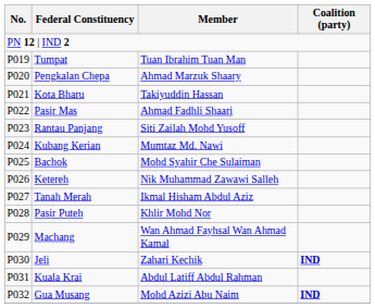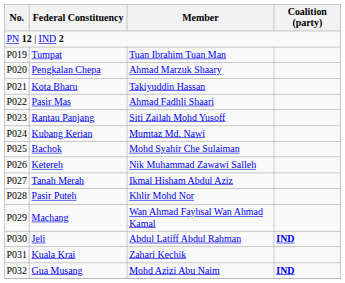 <table class="wikitable sortable">
 <tr>
 <th style="width:30px;">No.</th>
 <th style="width:150px;">Federal Constituency</th>
 <th style="width:230px;">Member</th>
 <th style="width:100px;">Coalition (party)</th>
 </tr>
 <tr>
 <td colspan="4"><a href='#'>PN</a> <strong>12</strong> | <a href='#'>IND</a> <strong>2</strong></td>
 </tr>
 <tr>
 <td>P019</td>
 <td><a href='#'>Tumpat</a></td>
 <td><a href='#'>Tuan Ibrahim Tuan Man</a></td>
 <td></td>
 </tr>
 <tr>
 <td>P020</td>
 <td><a href='#'>Pengkalan Chepa</a></td>
 <td><a href='#'>Ahmad Marzuk Shaary</a></td>
 <td></td>
 </tr>
 <tr>
 <td>P021</td>
 <td><a href='#'>Kota Bharu</a></td>
 <td><a href='#'>Takiyuddin Hassan</a></td>
 <td></td>
 </tr>
 <tr>
 <td>P022</td>
 <td><a href='#'>Pasir Mas</a></td>
 <td><a href='#'>Ahmad Fadhli Shaari</a></td>
 <td></td>
 </tr>
 <tr>
 <td>P023</td>
 <td><a href='#'>Rantau Panjang</a></td>
 <td><a href='#'>Siti Zailah Mohd Yusoff</a></td>
 <td></td>
 </tr>
 <tr>
 <td>P024</td>
 <td><a href='#'>Kubang Kerian</a></td>
 <td><a href='#'>Mumtaz Md. Nawi</a></td>
 <td></td>
 </tr>
 <tr>
 <td>P025</td>
 <td><a href='#'>Bachok</a></td>
 <td><a href='#'>Mohd Syahir Che Sulaiman</a></td>
 <td></td>
 </tr>
 <tr>
 <td>P026</td>
 <td><a href='#'>Ketereh</a></td>
 <td><a href='#'>Nik Muhammad Zawawi Salleh</a></td>
 <td></td>
 </tr>
 <tr>
 <td>P027</td>
 <td><a href='#'>Tanah Merah</a></td>
 <td><a href='#'>Ikmal Hisham Abdul Aziz</a></td>
 <td></td>
 </tr>
 <tr>
 <td>P028</td>
 <td><a href='#'>Pasir Puteh</a></td>
 <td><a href='#'>Khlir Mohd Nor</a></td>
 <td></td>
 </tr>
 <tr>
 <td>P029</td>
 <td><a href='#'>Machang</a></td>
 <td><a href='#'>Wan Ahmad Fayhsal Wan Ahmad Kamal</a></td>
 <td></td>
 </tr>
 <tr>
 <td>P030</td>
 <td><a href='#'>Jeli</a></td>
-<td><a href='#'>Zahari Kechik</a></td>
+<td><a href='#'>Abdul Latiff Abdul Rahman</a></td>
 <td><strong><a href='#'>IND</a></strong></td>
 </tr>
 <tr>
 <td>P031</td>
 <td><a href='#'>Kuala Krai</a></td>
-<td><a href='#'>Abdul Latiff Abdul Rahman</a></td>
+<td><a href='#'>Zahari Kechik</a></td>
 <td></td>
 </tr>
 <tr>
 <td>P032</td>
 <td><a href='#'>Gua Musang</a></td>
 <td><a href='#'>Mohd Azizi Abu Naim</a></td>
 <td><strong><a href='#'>IND</a></strong></td>
 </tr>
 <tr>
 </tr>
 </table>
